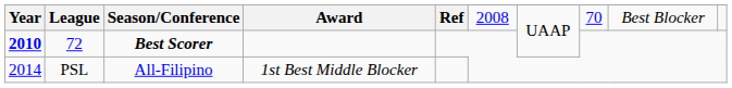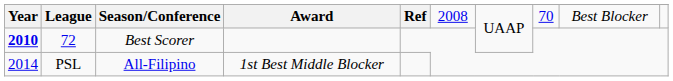 <table class="wikitable sortable" style="text-align:center" width="80%">
 <tr>
 <th style="width:5px;" rowspan="2">Year</th>
 <th style="width:25px;" rowspan="2">League</th>
 <th style="width:100px;" rowspan="2">Season/Conference</th>
 <th style="width:180px;" rowspan="2">Award</th>
 <th style="width:25px;" rowspan="2">Ref</th>
 </tr>
 <tr>
 <td><a href='#'>2008</a></td>
 <td rowspan=2>UAAP</td>
 <td><a href='#'>70</a></td>
 <td rowspan=1><em>Best Blocker</em></td>
 <td></td>
 </tr>
 <tr>
 <td><strong><a href='#'>2010</a></strong></td>
 <td><a href='#'>72</a></td>
-<td rowspan=1><strong><em>Best Scorer</em></strong></td>
+<td rowspan=1><em>Best Scorer</em></td>
 <td></td>
 </tr>
 <tr>
 <td><a href='#'>2014</a></td>
 <td>PSL</td>
 <td><a href='#'>All-Filipino</a></td>
 <td><em>1st Best Middle Blocker</em></td>
 <td></td>
 </tr>
 </table>
